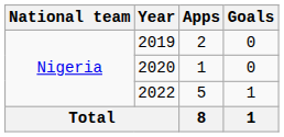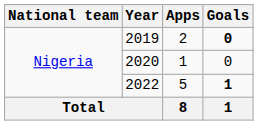 <table class=wikitable style=text-align:center>
 <tr>
 <th>National team</th>
 <th>Year</th>
 <th>Apps</th>
 <th>Goals</th>
 </tr>
 <tr>
 <td rowspan=3><a href='#'>Nigeria</a></td>
 <td>2019</td>
 <td>2</td>
-<td>0</td>
+<td><strong>0</strong></td>
 </tr>
 <tr>
 <td>2020</td>
 <td>1</td>
 <td>0</td>
 </tr>
 <tr>
 <td>2022</td>
 <td>5</td>
-<td>1</td>
+<td><strong>1</strong></td>
 </tr>
 <tr>
 <th colspan=2>Total</th>
 <th>8</th>
 <th>1</th>
 </tr>
 </table>
